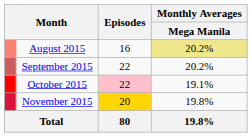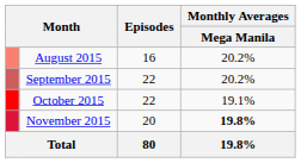 <table class="wikitable plainrowheaders" style="text-align: center; line-height:25px;">
 <tr class="wikitable" style="text-align: center;">
 <th colspan="2" rowspan="2" style="padding: 0 8px;">Month</th>
 <th rowspan="2" style="padding: 0 8px;">Episodes</th>
 <th colspan="2" style="padding: 0 8px;">Monthly Averages</th>
 </tr>
 <tr>
 <th style="padding: 0 8px;">Mega Manila</th>
 </tr>
 <tr>
 <td style="padding: 0 8px; background:#FA8072;"></td>
 <td style="padding: 0 8px;" '><a href='#'>August 2015</a></td>
 <td style="padding: 0 8px;">16</td>
-<td style="background: khaki; padding: 0 8px;">20.2%</td>
+<td style="padding: 0 8px;">20.2%</td>
 </tr>
 <tr>
 <td style="padding: 0 8px; background:#CD5C5C;"></td>
 <td style="padding: 0 8px;" '><a href='#'>September 2015</a></td>
 <td style="padding: 0 8px;">22</td>
 <td style="padding: 0 8px;">20.2%</td>
 </tr>
 <tr>
 <td style="padding: 0 8px; background:#FF0000;"></td>
 <td style="padding: 0 8px;" '><a href='#'>October 2015</a></td>
-<td style="background: pink; padding: 0 8px;">22</td>
+<td style="padding: 0 8px;">22</td>
 <td style="padding: 0 8px;">19.1%</td>
 </tr>
 <tr>
 <td style="padding: 0 8px; background:#DC143C;"></td>
 <td style="padding: 0 8px;" '><a href='#'>November 2015</a></td>
-<td style="background: gold; padding: 0 8px;">20</td>
-<td style="padding: 0 8px;">19.8%</td>
+<td style="padding: 0 8px;">20</td>
+<td style="padding: 0 8px;"><strong>19.8%</strong></td>
 </tr>
 <tr>
 <th colspan="2">Total</th>
 <th colspan="1">80</th>
 <th colspan="2">19.8%</th>
 </tr>
 </table>
